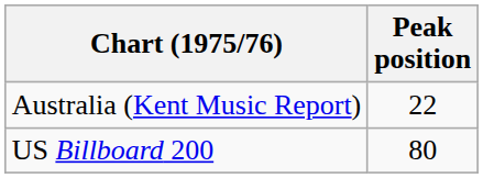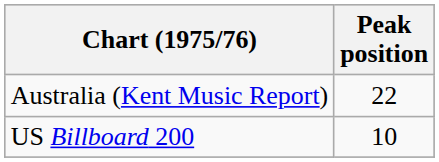 <table class="wikitable">
 <tr>
 <th scope="col">Chart (1975/76)</th>
 <th>Peak<br>position</th>
 </tr>
 <tr>
 <td>Australia (<a href='#'>Kent Music Report</a>)</td>
 <td style="text-align:center;">22</td>
 </tr>
 <tr>
 <td>US <a href='#'><em>Billboard</em> 200</a></td>
-<td style="text-align:center;">80</td>
+<td style="text-align:center;">10</td>
 </tr>
 </table>
